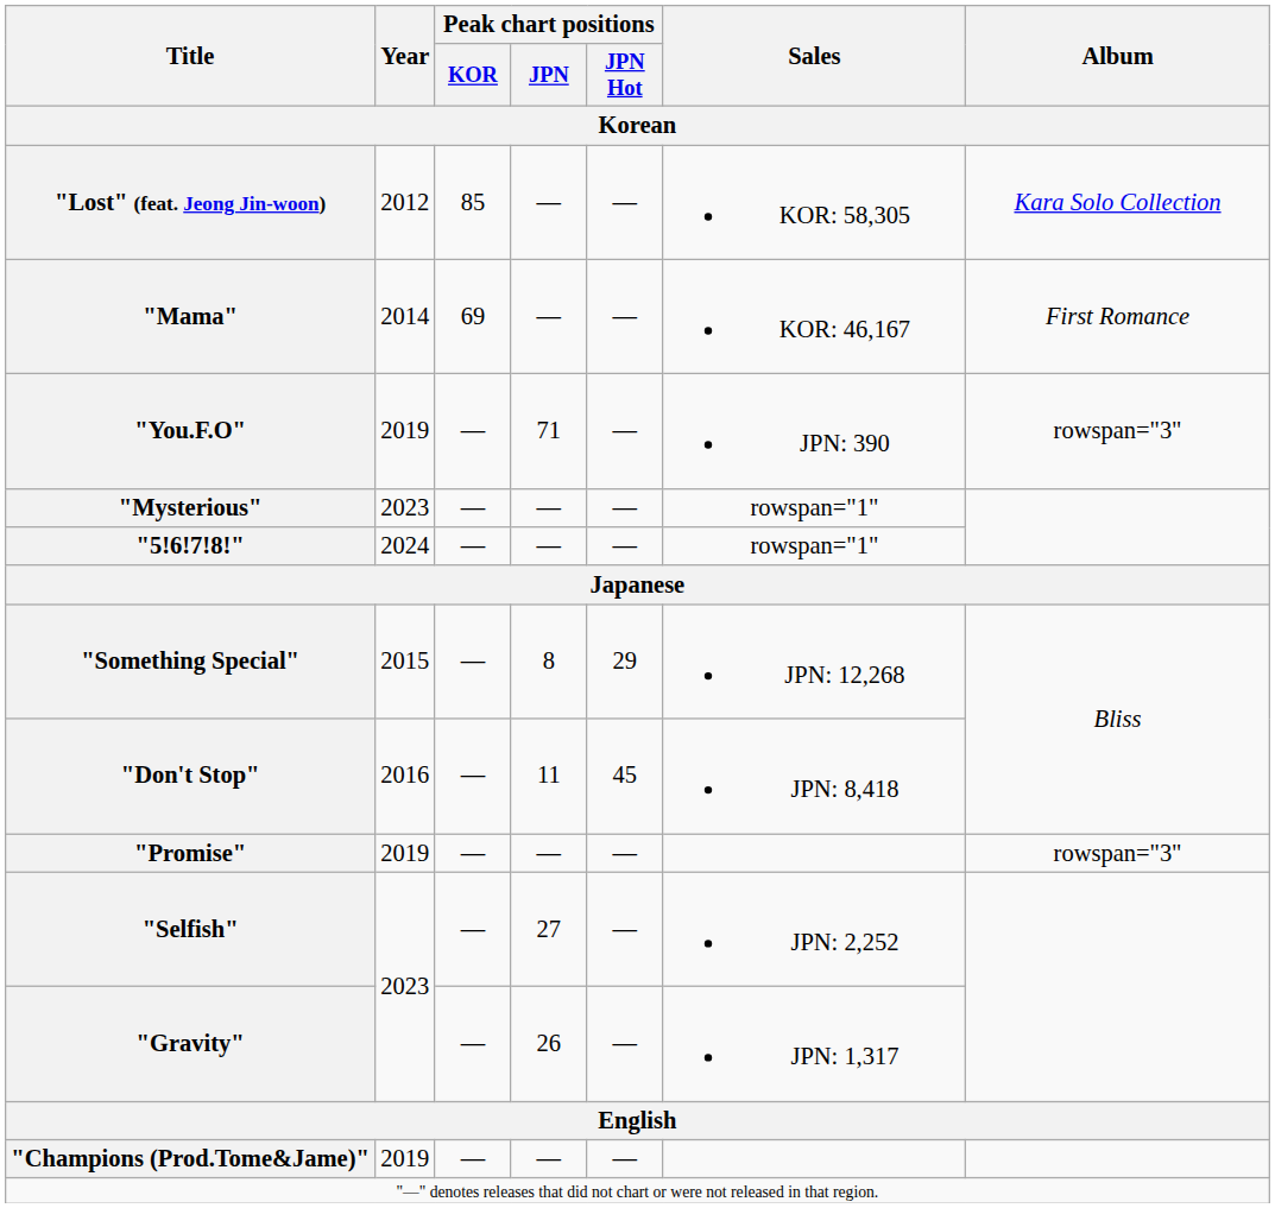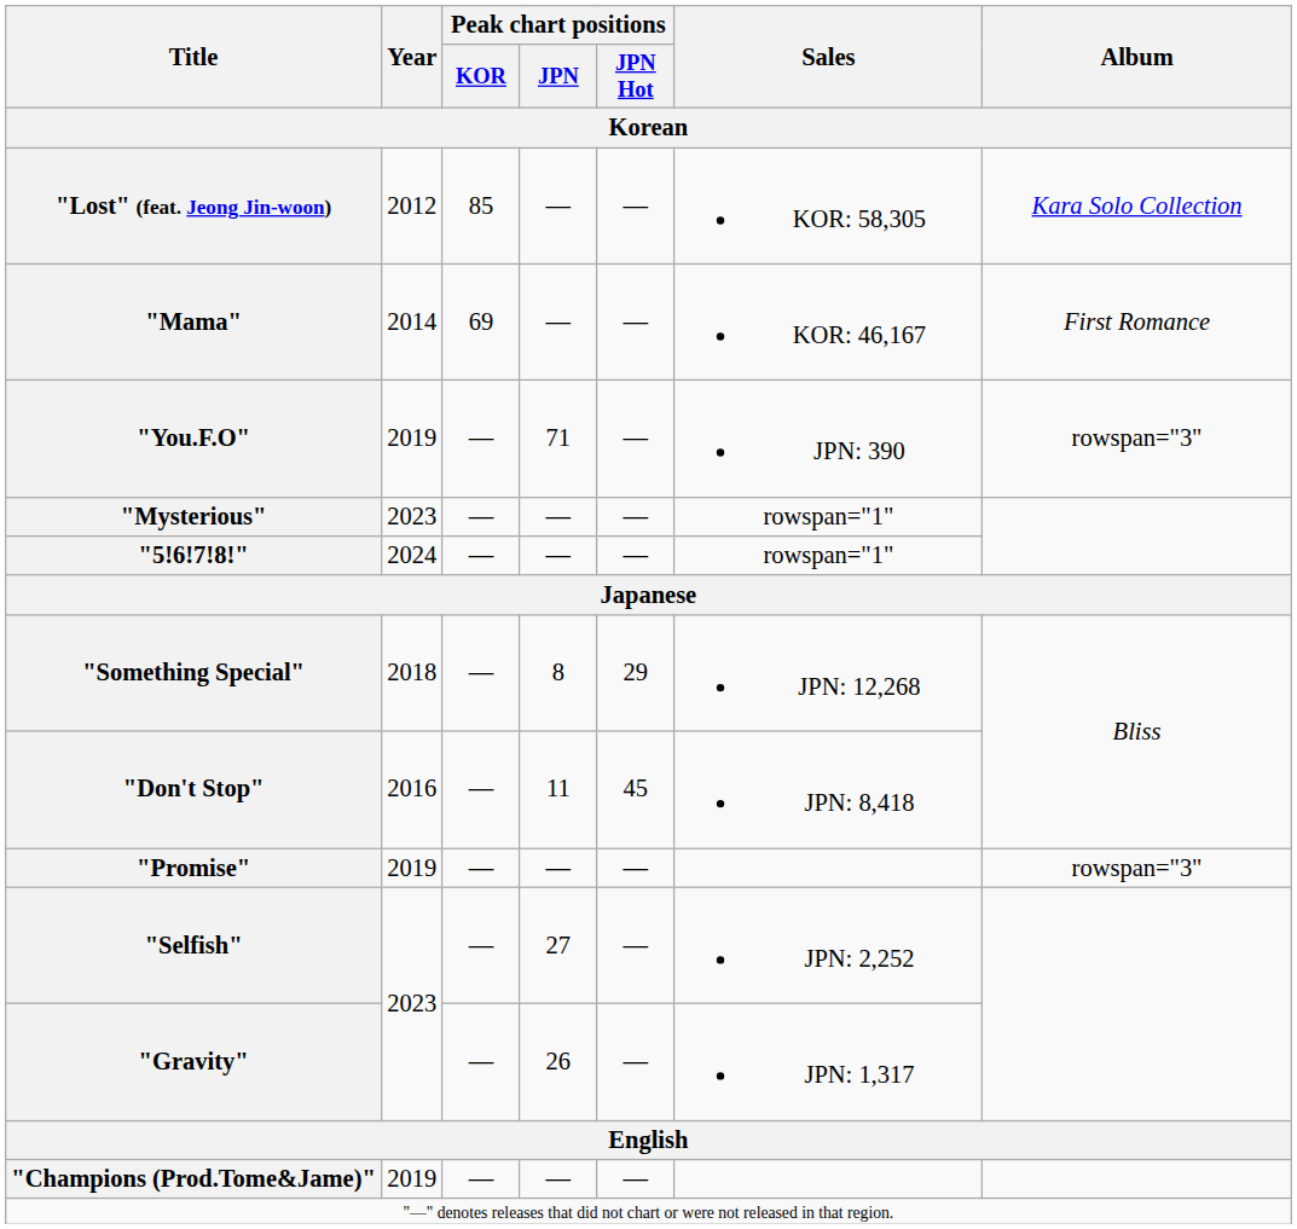 <table class="wikitable plainrowheaders" style="text-align:center;">
 <tr>
 <th scope="col" rowspan="2">Title</th>
 <th scope="col" rowspan="2">Year</th>
 <th scope="col" colspan="3">Peak chart positions</th>
 <th rowspan="2" style="width:12em;">Sales</th>
 <th scope="col" rowspan="2" style="width:12em">Album</th>
 </tr>
 <tr>
 <th scope="col" style="width:3em;font-size:90%;"><a href='#'>KOR</a><br></th>
 <th scope="col" style="width:3em;font-size:90%;"><a href='#'>JPN</a><br></th>
 <th style="width:3em;font-size:90%"><a href='#'>JPN<br>Hot</a><br></th>
 </tr>
 <tr>
 <th colspan="7">Korean</th>
 </tr>
 <tr>
 <th scope="row">"Lost" <small>(feat. <a href='#'>Jeong Jin-woon</a>)</small></th>
 <td>2012</td>
 <td>85</td>
 <td>—</td>
 <td>—</td>
 <td><br><ul><li>KOR: 58,305</li></ul></td>
 <td><em><a href='#'>Kara Solo Collection</a></em></td>
 </tr>
 <tr>
 <th scope="row">"Mama"</th>
 <td>2014</td>
 <td>69</td>
 <td>—</td>
 <td>—</td>
 <td><br><ul><li>KOR: 46,167</li></ul></td>
 <td><em>First Romance</em></td>
 </tr>
 <tr>
 <th scope="row">"You.F.O"</th>
 <td>2019</td>
 <td>—</td>
 <td>71</td>
 <td>—</td>
 <td><br><ul><li>JPN: 390</li></ul></td>
 <td>rowspan="3" </td>
 </tr>
 <tr>
 <th scope="row">"Mysterious"</th>
 <td>2023</td>
 <td>—</td>
 <td>—</td>
 <td>—</td>
 <td>rowspan="1" </td>
 </tr>
 <tr>
 <th scope="row">"5!6!7!8!"</th>
 <td>2024</td>
 <td>—</td>
 <td>—</td>
 <td>—</td>
 <td>rowspan="1" </td>
 </tr>
 <tr>
 <th colspan="7">Japanese</th>
 </tr>
 <tr>
 <th scope="row">"Something Special"</th>
-<td>2015</td>
+<td>2018</td>
 <td>—</td>
 <td>8</td>
 <td>29</td>
 <td><br><ul><li>JPN: 12,268</li></ul></td>
 <td rowspan="2"><em>Bliss</em></td>
 </tr>
 <tr>
 <th scope="row">"Don't Stop"</th>
 <td>2016</td>
 <td>—</td>
 <td>11</td>
 <td>45</td>
 <td><br><ul><li>JPN: 8,418</li></ul></td>
 </tr>
 <tr>
 <th scope="row">"Promise"</th>
 <td>2019</td>
 <td>—</td>
 <td>—</td>
 <td>—</td>
 <td></td>
 <td>rowspan="3" </td>
 </tr>
 <tr>
 <th scope="row">"Selfish"</th>
 <td rowspan="2">2023</td>
 <td>—</td>
 <td>27</td>
 <td>—</td>
 <td><br><ul><li>JPN: 2,252</li></ul></td>
 </tr>
 <tr>
 <th scope="row">"Gravity"</th>
 <td>—</td>
 <td>26</td>
 <td>—</td>
 <td><br><ul><li>JPN: 1,317</li></ul></td>
 </tr>
 <tr>
 <th colspan="7">English</th>
 </tr>
 <tr>
 <th scope="row">"Champions (Prod.Tome&Jame)"</th>
 <td>2019</td>
 <td>—</td>
 <td>—</td>
 <td>—</td>
 <td></td>
 <td></td>
 </tr>
 <tr>
 <td colspan="15" style="text-align:center; font-size:8pt;">"—" denotes releases that did not chart or were not released in that region.</td>
 </tr>
 </table>
